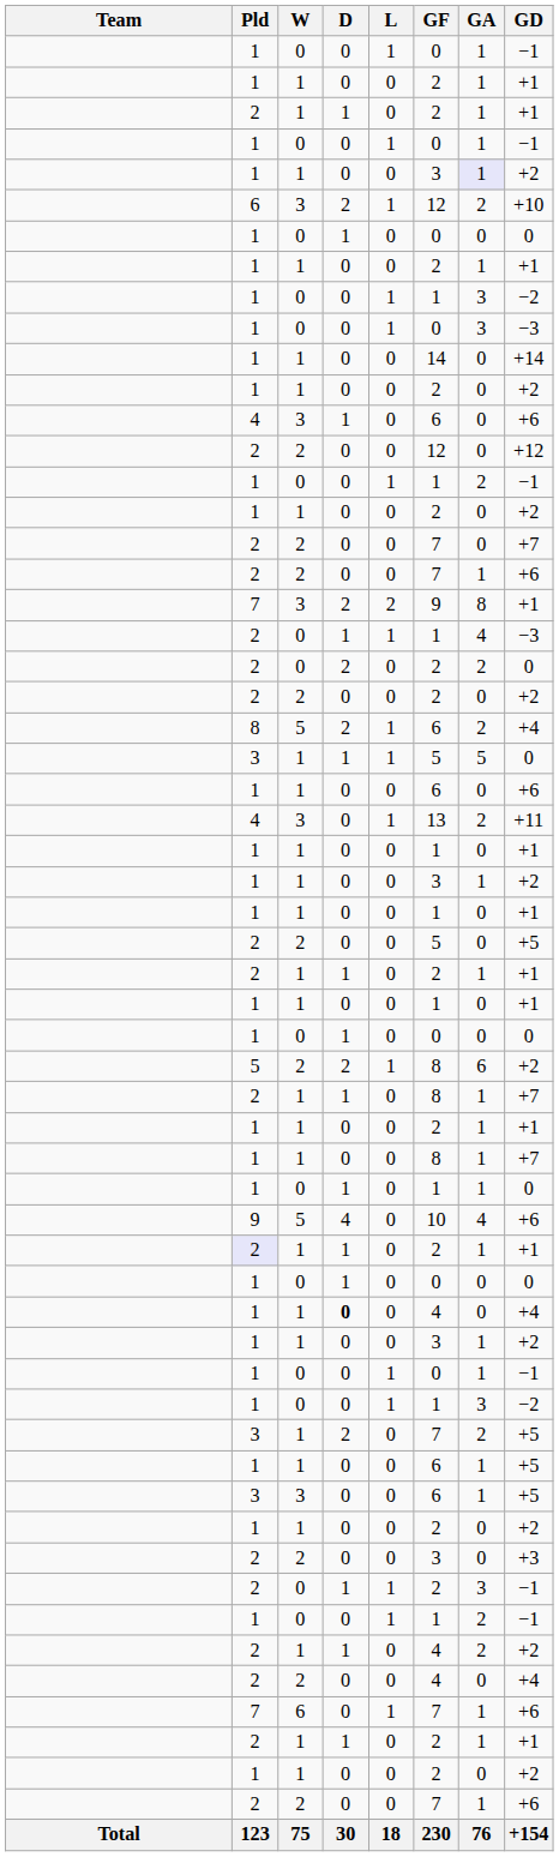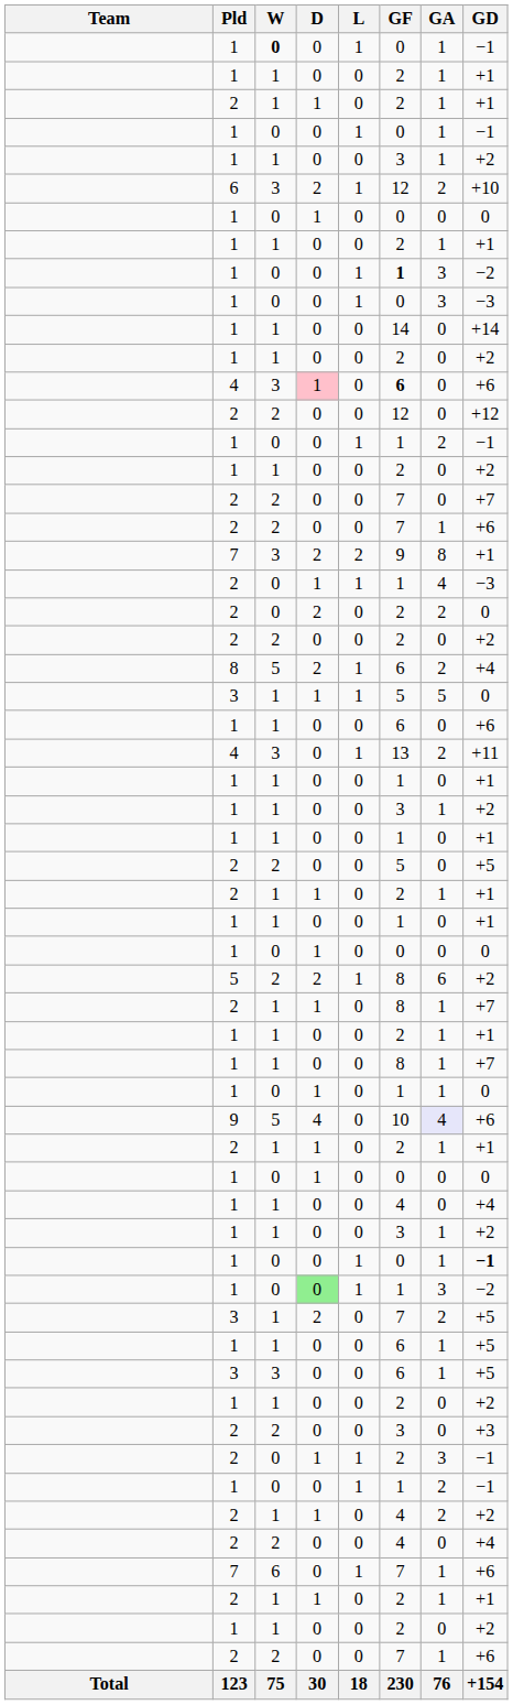 <table class="wikitable sortable" style="text-align: center;">
 <tr>
 <th width=180>Team</th>
 <th width=30>Pld</th>
 <th width=30>W</th>
 <th width=30>D</th>
 <th width=30>L</th>
 <th width=30>GF</th>
 <th width=30>GA</th>
 <th width=30>GD</th>
 </tr>
 <tr>
 <td align="left"></td>
 <td>1</td>
-<td>0</td>
+<td><strong>0</strong></td>
 <td>0</td>
 <td>1</td>
 <td>0</td>
 <td>1</td>
 <td>−1</td>
 </tr>
 <tr>
 <td align="left"></td>
 <td>1</td>
 <td>1</td>
 <td>0</td>
 <td>0</td>
 <td>2</td>
 <td>1</td>
 <td>+1</td>
 </tr>
 <tr>
 <td align="left"></td>
 <td>2</td>
 <td>1</td>
 <td>1</td>
 <td>0</td>
 <td>2</td>
 <td>1</td>
 <td>+1</td>
 </tr>
 <tr>
 <td align="left"></td>
 <td>1</td>
 <td>0</td>
 <td>0</td>
 <td>1</td>
 <td>0</td>
 <td>1</td>
 <td>−1</td>
 </tr>
 <tr>
 <td align="left"></td>
 <td>1</td>
 <td>1</td>
 <td>0</td>
 <td>0</td>
 <td>3</td>
-<td style="background: lavender;">1</td>
+<td>1</td>
 <td>+2</td>
 </tr>
 <tr>
 <td align="left"></td>
 <td>6</td>
 <td>3</td>
 <td>2</td>
 <td>1</td>
 <td>12</td>
 <td>2</td>
 <td>+10</td>
 </tr>
 <tr>
 <td align="left"></td>
 <td>1</td>
 <td>0</td>
 <td>1</td>
 <td>0</td>
 <td>0</td>
 <td>0</td>
 <td>0</td>
 </tr>
 <tr>
 <td align="left"></td>
 <td>1</td>
 <td>1</td>
 <td>0</td>
 <td>0</td>
 <td>2</td>
 <td>1</td>
 <td>+1</td>
 </tr>
 <tr>
 <td align="left"></td>
 <td>1</td>
 <td>0</td>
 <td>0</td>
 <td>1</td>
-<td>1</td>
+<td><strong>1</strong></td>
 <td>3</td>
 <td>−2</td>
 </tr>
 <tr>
 <td align="left"></td>
 <td>1</td>
 <td>0</td>
 <td>0</td>
 <td>1</td>
 <td>0</td>
 <td>3</td>
 <td>−3</td>
 </tr>
 <tr>
 <td align="left"></td>
 <td>1</td>
 <td>1</td>
 <td>0</td>
 <td>0</td>
 <td>14</td>
 <td>0</td>
 <td>+14</td>
 </tr>
 <tr>
 <td align="left"></td>
 <td>1</td>
 <td>1</td>
 <td>0</td>
 <td>0</td>
 <td>2</td>
 <td>0</td>
 <td>+2</td>
 </tr>
 <tr>
 <td align="left"></td>
 <td>4</td>
 <td>3</td>
-<td>1</td>
+<td style="background: pink;">1</td>
 <td>0</td>
-<td>6</td>
+<td><strong>6</strong></td>
 <td>0</td>
 <td>+6</td>
 </tr>
 <tr>
 <td align="left"></td>
 <td>2</td>
 <td>2</td>
 <td>0</td>
 <td>0</td>
 <td>12</td>
 <td>0</td>
 <td>+12</td>
 </tr>
 <tr>
 <td align="left"></td>
 <td>1</td>
 <td>0</td>
 <td>0</td>
 <td>1</td>
 <td>1</td>
 <td>2</td>
 <td>−1</td>
 </tr>
 <tr>
 <td align="left"></td>
 <td>1</td>
 <td>1</td>
 <td>0</td>
 <td>0</td>
 <td>2</td>
 <td>0</td>
 <td>+2</td>
 </tr>
 <tr>
 <td align="left"></td>
 <td>2</td>
 <td>2</td>
 <td>0</td>
 <td>0</td>
 <td>7</td>
 <td>0</td>
 <td>+7</td>
 </tr>
 <tr>
 <td align="left"></td>
 <td>2</td>
 <td>2</td>
 <td>0</td>
 <td>0</td>
 <td>7</td>
 <td>1</td>
 <td>+6</td>
 </tr>
 <tr>
 <td align="left"></td>
 <td>7</td>
 <td>3</td>
 <td>2</td>
 <td>2</td>
 <td>9</td>
 <td>8</td>
 <td>+1</td>
 </tr>
 <tr>
 <td align="left"></td>
 <td>2</td>
 <td>0</td>
 <td>1</td>
 <td>1</td>
 <td>1</td>
 <td>4</td>
 <td>−3</td>
 </tr>
 <tr>
 <td align="left"></td>
 <td>2</td>
 <td>0</td>
 <td>2</td>
 <td>0</td>
 <td>2</td>
 <td>2</td>
 <td>0</td>
 </tr>
 <tr>
 <td align="left"></td>
 <td>2</td>
 <td>2</td>
 <td>0</td>
 <td>0</td>
 <td>2</td>
 <td>0</td>
 <td>+2</td>
 </tr>
 <tr>
 <td align="left"></td>
 <td>8</td>
 <td>5</td>
 <td>2</td>
 <td>1</td>
 <td>6</td>
 <td>2</td>
 <td>+4</td>
 </tr>
 <tr>
 <td align="left"></td>
 <td>3</td>
 <td>1</td>
 <td>1</td>
 <td>1</td>
 <td>5</td>
 <td>5</td>
 <td>0</td>
 </tr>
 <tr>
 <td align="left"></td>
 <td>1</td>
 <td>1</td>
 <td>0</td>
 <td>0</td>
 <td>6</td>
 <td>0</td>
 <td>+6</td>
 </tr>
 <tr>
 <td align="left"></td>
 <td>4</td>
 <td>3</td>
 <td>0</td>
 <td>1</td>
 <td>13</td>
 <td>2</td>
 <td>+11</td>
 </tr>
 <tr>
 <td align="left"></td>
 <td>1</td>
 <td>1</td>
 <td>0</td>
 <td>0</td>
 <td>1</td>
 <td>0</td>
 <td>+1</td>
 </tr>
 <tr>
 <td align="left"></td>
 <td>1</td>
 <td>1</td>
 <td>0</td>
 <td>0</td>
 <td>3</td>
 <td>1</td>
 <td>+2</td>
 </tr>
 <tr>
 <td align="left"></td>
 <td>1</td>
 <td>1</td>
 <td>0</td>
 <td>0</td>
 <td>1</td>
 <td>0</td>
 <td>+1</td>
 </tr>
 <tr>
 <td align="left"></td>
 <td>2</td>
 <td>2</td>
 <td>0</td>
 <td>0</td>
 <td>5</td>
 <td>0</td>
 <td>+5</td>
 </tr>
 <tr>
 <td align="left"></td>
 <td>2</td>
 <td>1</td>
 <td>1</td>
 <td>0</td>
 <td>2</td>
 <td>1</td>
 <td>+1</td>
 </tr>
 <tr>
 <td align="left"></td>
 <td>1</td>
 <td>1</td>
 <td>0</td>
 <td>0</td>
 <td>1</td>
 <td>0</td>
 <td>+1</td>
 </tr>
 <tr>
 <td align="left"></td>
 <td>1</td>
 <td>0</td>
 <td>1</td>
 <td>0</td>
 <td>0</td>
 <td>0</td>
 <td>0</td>
 </tr>
 <tr>
 <td align="left"></td>
 <td>5</td>
 <td>2</td>
 <td>2</td>
 <td>1</td>
 <td>8</td>
 <td>6</td>
 <td>+2</td>
 </tr>
 <tr>
 <td align="left"></td>
 <td>2</td>
 <td>1</td>
 <td>1</td>
 <td>0</td>
 <td>8</td>
 <td>1</td>
 <td>+7</td>
 </tr>
 <tr>
 <td align="left"></td>
 <td>1</td>
 <td>1</td>
 <td>0</td>
 <td>0</td>
 <td>2</td>
 <td>1</td>
 <td>+1</td>
 </tr>
 <tr>
 <td align="left"></td>
 <td>1</td>
 <td>1</td>
 <td>0</td>
 <td>0</td>
 <td>8</td>
 <td>1</td>
 <td>+7</td>
 </tr>
 <tr>
 <td align="left"></td>
 <td>1</td>
 <td>0</td>
 <td>1</td>
 <td>0</td>
 <td>1</td>
 <td>1</td>
 <td>0</td>
 </tr>
 <tr>
 <td align="left"></td>
 <td>9</td>
 <td>5</td>
 <td>4</td>
 <td>0</td>
 <td>10</td>
-<td>4</td>
+<td style="background: lavender;">4</td>
 <td>+6</td>
 </tr>
 <tr>
 <td align="left"></td>
-<td style="background: lavender;">2</td>
+<td>2</td>
 <td>1</td>
 <td>1</td>
 <td>0</td>
 <td>2</td>
 <td>1</td>
 <td>+1</td>
 </tr>
 <tr>
 <td align="left"></td>
 <td>1</td>
 <td>0</td>
 <td>1</td>
 <td>0</td>
 <td>0</td>
 <td>0</td>
 <td>0</td>
 </tr>
 <tr>
 <td align="left"></td>
 <td>1</td>
 <td>1</td>
-<td><strong>0</strong></td>
+<td>0</td>
 <td>0</td>
 <td>4</td>
 <td>0</td>
 <td>+4</td>
 </tr>
 <tr>
 <td align="left"></td>
 <td>1</td>
 <td>1</td>
 <td>0</td>
 <td>0</td>
 <td>3</td>
 <td>1</td>
 <td>+2</td>
 </tr>
 <tr>
 <td align="left"></td>
 <td>1</td>
 <td>0</td>
 <td>0</td>
 <td>1</td>
 <td>0</td>
 <td>1</td>
-<td>−1</td>
+<td><strong>−1</strong></td>
 </tr>
 <tr>
 <td align="left"></td>
 <td>1</td>
 <td>0</td>
-<td>0</td>
+<td style="background: lightgreen;">0</td>
 <td>1</td>
 <td>1</td>
 <td>3</td>
 <td>−2</td>
 </tr>
 <tr>
 <td align="left"></td>
 <td>3</td>
 <td>1</td>
 <td>2</td>
 <td>0</td>
 <td>7</td>
 <td>2</td>
 <td>+5</td>
 </tr>
 <tr>
 <td align="left"></td>
 <td>1</td>
 <td>1</td>
 <td>0</td>
 <td>0</td>
 <td>6</td>
 <td>1</td>
 <td>+5</td>
 </tr>
 <tr>
 <td align="left"></td>
 <td>3</td>
 <td>3</td>
 <td>0</td>
 <td>0</td>
 <td>6</td>
 <td>1</td>
 <td>+5</td>
 </tr>
 <tr>
 <td align="left"></td>
 <td>1</td>
 <td>1</td>
 <td>0</td>
 <td>0</td>
 <td>2</td>
 <td>0</td>
 <td>+2</td>
 </tr>
 <tr>
 <td align="left"></td>
 <td>2</td>
 <td>2</td>
 <td>0</td>
 <td>0</td>
 <td>3</td>
 <td>0</td>
 <td>+3</td>
 </tr>
 <tr>
 <td align="left"></td>
 <td>2</td>
 <td>0</td>
 <td>1</td>
 <td>1</td>
 <td>2</td>
 <td>3</td>
 <td>−1</td>
 </tr>
 <tr>
 <td align="left"></td>
 <td>1</td>
 <td>0</td>
 <td>0</td>
 <td>1</td>
 <td>1</td>
 <td>2</td>
 <td>−1</td>
 </tr>
 <tr>
 <td align="left"></td>
 <td>2</td>
 <td>1</td>
 <td>1</td>
 <td>0</td>
 <td>4</td>
 <td>2</td>
 <td>+2</td>
 </tr>
 <tr>
 <td align="left"></td>
 <td>2</td>
 <td>2</td>
 <td>0</td>
 <td>0</td>
 <td>4</td>
 <td>0</td>
 <td>+4</td>
 </tr>
 <tr>
 <td align="left"></td>
 <td>7</td>
 <td>6</td>
 <td>0</td>
 <td>1</td>
 <td>7</td>
 <td>1</td>
 <td>+6</td>
 </tr>
 <tr>
 <td align="left"></td>
 <td>2</td>
 <td>1</td>
 <td>1</td>
 <td>0</td>
 <td>2</td>
 <td>1</td>
 <td>+1</td>
 </tr>
 <tr>
 <td align="left"></td>
 <td>1</td>
 <td>1</td>
 <td>0</td>
 <td>0</td>
 <td>2</td>
 <td>0</td>
 <td>+2</td>
 </tr>
 <tr>
 <td align="left"></td>
 <td>2</td>
 <td>2</td>
 <td>0</td>
 <td>0</td>
 <td>7</td>
 <td>1</td>
 <td>+6</td>
 </tr>
 <tr>
 <th>Total</th>
 <th>123</th>
 <th>75</th>
 <th>30</th>
 <th>18</th>
 <th>230</th>
 <th>76</th>
 <th>+154</th>
 </tr>
 </table>
